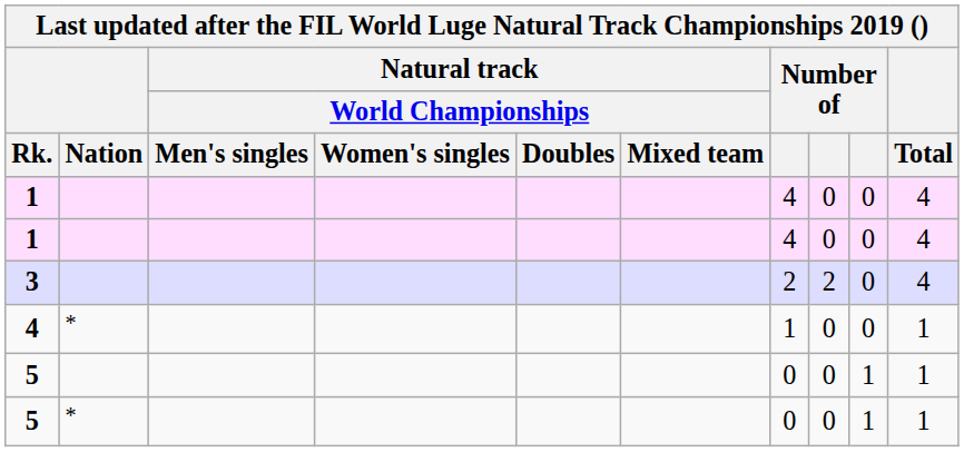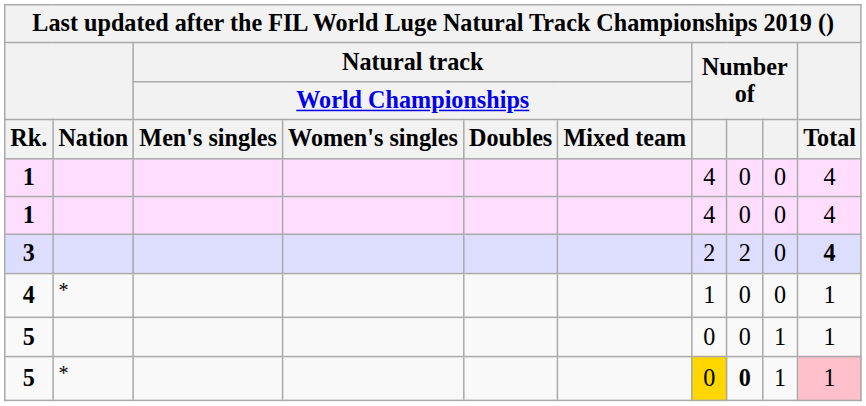 <table class="wikitable" style="margin-top: 0em; text-align: center; font-size: 100%;">
 <tr>
 <th colspan="10">Last updated after the FIL World Luge Natural Track Championships 2019 ()</th>
 </tr>
 <tr>
 <th rowspan="2" colspan="2"></th>
 <th colspan="4">Natural track</th>
 <th rowspan="2" colspan="3">Number of</th>
 <th rowspan="2"></th>
 </tr>
 <tr>
 <th colspan="4"><a href='#'>World Championships</a></th>
 </tr>
 <tr>
 <th style="width: 1em;">Rk.</th>
 <th>Nation</th>
 <th>Men's singles</th>
 <th>Women's singles</th>
 <th>Doubles</th>
 <th>Mixed team</th>
 <th style="width: 1em;"></th>
 <th style="width: 1em;"></th>
 <th style="width: 1em;"></th>
 <th style="width: 1em;">Total</th>
 </tr>
 <tr style="background: #fdf;">
 <td><strong>1</strong></td>
 <td style="text-align: left;"></td>
 <td></td>
 <td></td>
 <td></td>
 <td></td>
 <td>4</td>
 <td>0</td>
 <td>0</td>
 <td>4</td>
 </tr>
 <tr style="background: #fdf;">
 <td><strong>1</strong></td>
 <td style="text-align: left;"></td>
 <td></td>
 <td></td>
 <td></td>
 <td></td>
 <td>4</td>
 <td>0</td>
 <td>0</td>
 <td>4</td>
 </tr>
 <tr style="background: #ddf;">
 <td><strong>3</strong></td>
 <td style="text-align: left;"></td>
 <td></td>
 <td></td>
 <td></td>
 <td></td>
 <td>2</td>
 <td>2</td>
 <td>0</td>
-<td>4</td>
+<td><strong>4</strong></td>
 </tr>
 <tr>
 <td><strong>4</strong></td>
 <td style="text-align: left;"><em></em><sup>*</sup></td>
 <td></td>
 <td></td>
 <td></td>
 <td></td>
 <td>1</td>
 <td>0</td>
 <td>0</td>
 <td>1</td>
 </tr>
 <tr>
 <td><strong>5</strong></td>
 <td style="text-align: left;"></td>
 <td></td>
 <td></td>
 <td></td>
 <td></td>
 <td>0</td>
 <td>0</td>
 <td>1</td>
 <td>1</td>
 </tr>
 <tr>
 <td><strong>5</strong></td>
 <td style="text-align: left;"><em></em><sup>*</sup></td>
 <td></td>
 <td></td>
 <td></td>
 <td></td>
-<td>0</td>
-<td>0</td>
+<td style="background: gold;">0</td>
+<td><strong>0</strong></td>
 <td>1</td>
-<td>1</td>
+<td style="background: pink;">1</td>
 </tr>
 </table>
